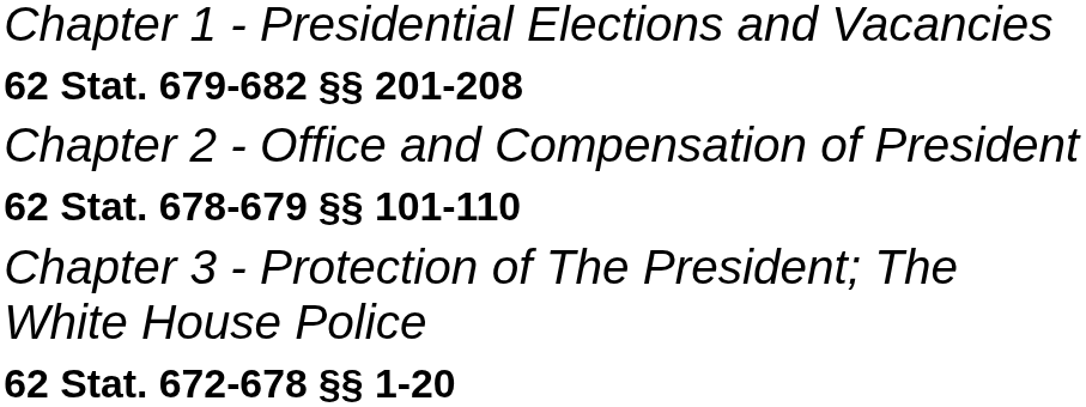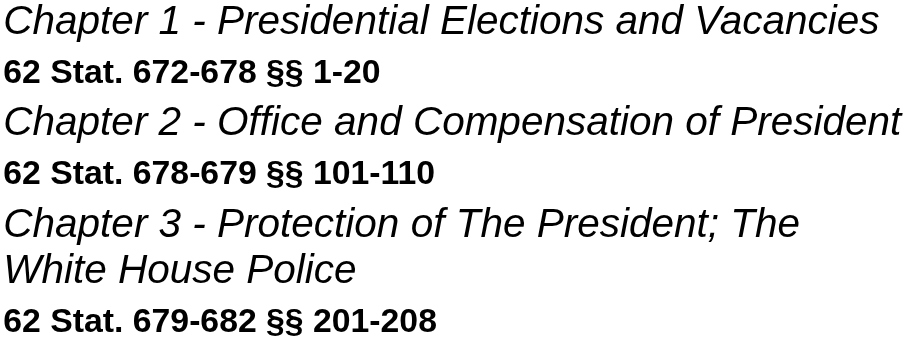 <table style="width: 70%; border: none; text-align: left;">
 <tr>
 <td><em><big>Chapter 1 - Presidential Elections and Vacancies</big></em></td>
 </tr>
 <tr>
-<td><strong>62 Stat. 679-682 §§ 201-208</strong></td>
+<td><strong>62 Stat. 672-678 §§ 1-20</strong></td>
 </tr>
 <tr>
 <td><em><big>Chapter 2 - Office and Compensation of President</big></em></td>
 </tr>
 <tr>
 <td><strong>62 Stat. 678-679 §§ 101-110</strong></td>
 </tr>
 <tr>
 <td><em><big>Chapter 3 - Protection of The President; The White House Police</big></em></td>
 </tr>
 <tr>
-<td><strong>62 Stat. 672-678 §§ 1-20</strong></td>
+<td><strong>62 Stat. 679-682 §§ 201-208</strong></td>
 </tr>
 </table>
